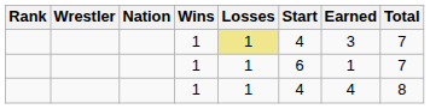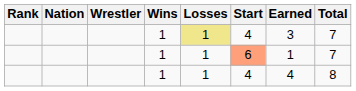 <table class="wikitable sortable" style="text-align:center;">
 <tr>
 <th>Rank</th>
+<th>Nation</th>
 <th>Wrestler</th>
-<th>Nation</th>
 <th>Wins</th>
 <th>Losses</th>
 <th>Start</th>
 <th>Earned</th>
 <th>Total</th>
 </tr>
 <tr>
 <td></td>
 <td align=left></td>
 <td align=left></td>
 <td>1</td>
 <td style="background: khaki;">1</td>
 <td>4</td>
 <td>3</td>
 <td>7</td>
 </tr>
 <tr>
 <td></td>
 <td align=left></td>
 <td align=left></td>
 <td>1</td>
 <td>1</td>
-<td>6</td>
+<td style="background: lightsalmon;">6</td>
 <td>1</td>
 <td>7</td>
 </tr>
 <tr>
 <td></td>
 <td align=left></td>
 <td align=left></td>
 <td>1</td>
 <td>1</td>
 <td>4</td>
 <td>4</td>
 <td>8</td>
 </tr>
 </table>
